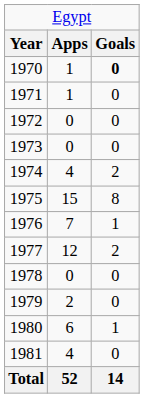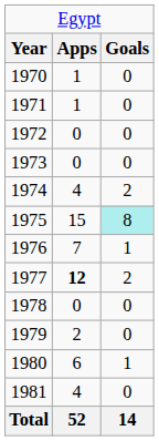 <table class="wikitable" style="text-align:center">
 <tr>
 <td colspan="3"><a href='#'>Egypt</a></td>
 </tr>
 <tr>
 <th>Year</th>
 <th>Apps</th>
 <th>Goals</th>
 </tr>
 <tr>
 <td>1970</td>
 <td>1</td>
-<td><strong>0</strong></td>
+<td>0</td>
 </tr>
 <tr>
 <td>1971</td>
 <td>1</td>
 <td>0</td>
 </tr>
 <tr>
 <td>1972</td>
 <td>0</td>
 <td>0</td>
 </tr>
 <tr>
 <td>1973</td>
 <td>0</td>
 <td>0</td>
 </tr>
 <tr>
 <td>1974</td>
 <td>4</td>
 <td>2</td>
 </tr>
 <tr>
 <td>1975</td>
 <td>15</td>
-<td>8</td>
+<td style="background: paleturquoise;">8</td>
 </tr>
 <tr>
 <td>1976</td>
 <td>7</td>
 <td>1</td>
 </tr>
 <tr>
 <td>1977</td>
-<td>12</td>
+<td><strong>12</strong></td>
 <td>2</td>
 </tr>
 <tr>
 <td>1978</td>
 <td>0</td>
 <td>0</td>
 </tr>
 <tr>
 <td>1979</td>
 <td>2</td>
 <td>0</td>
 </tr>
 <tr>
 <td>1980</td>
 <td>6</td>
 <td>1</td>
 </tr>
 <tr>
 <td>1981</td>
 <td>4</td>
 <td>0</td>
 </tr>
 <tr>
 <th>Total</th>
 <th>52</th>
 <th>14</th>
 </tr>
 </table>
